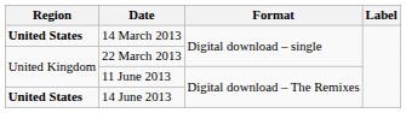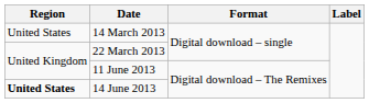 <table class="wikitable">
 <tr>
 <th>Region</th>
 <th>Date</th>
 <th>Format</th>
 <th>Label</th>
 </tr>
 <tr>
-<td><strong>United States</strong></td>
+<td>United States</td>
 <td>14 March 2013</td>
 <td rowspan="2">Digital download – single</td>
 <td rowspan="4"></td>
 </tr>
 <tr>
 <td rowspan="2">United Kingdom</td>
 <td>22 March 2013</td>
 </tr>
 <tr>
 <td>11 June 2013</td>
 <td rowspan="2">Digital download – The Remixes</td>
 </tr>
 <tr>
 <td rowspan="1"><strong>United States</strong></td>
 <td>14 June 2013</td>
 </tr>
 </table>
